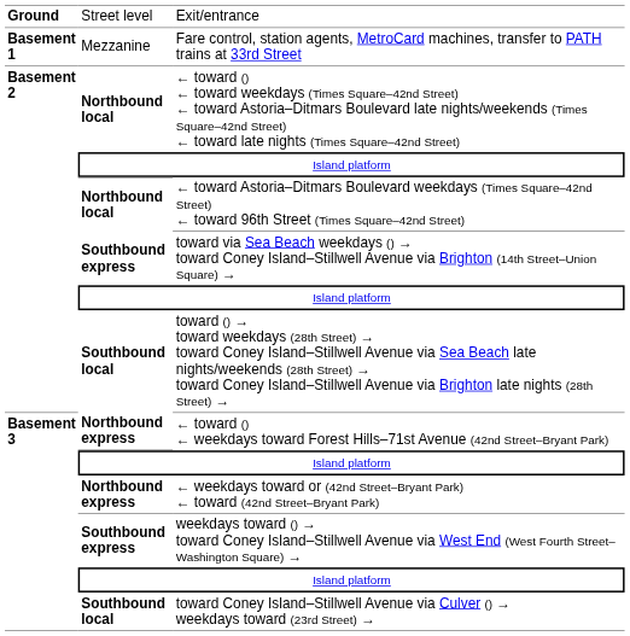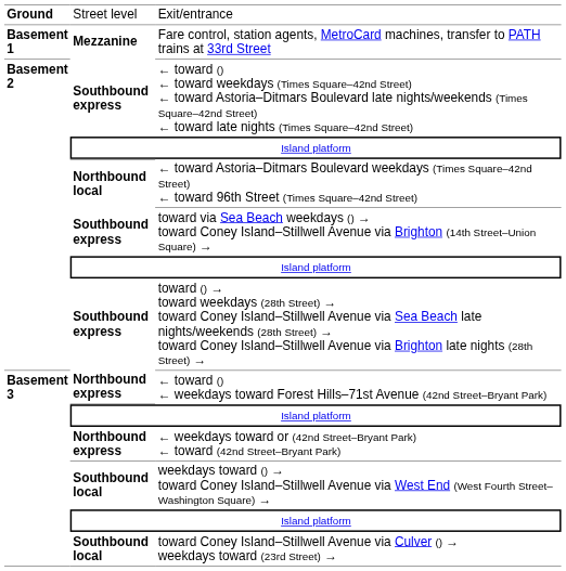 <table border=0 cellspacing=0 cellpadding=3>
 <tr>
 <td style="border-top:solid 1px gray;" width=50><strong>Ground</strong></td>
 <td style="border-top:solid 1px gray;" width=100>Street level</td>
 <td style="border-top:solid 1px gray;" width=500>Exit/entrance</td>
 </tr>
 <tr>
 <td style="border-top:solid 1px gray;"><strong>Basement 1</strong></td>
-<td style="border-top:solid 1px gray;">Mezzanine</td>
+<td style="border-top:solid 1px gray;"><strong>Mezzanine</strong></td>
 <td style="border-top:solid 1px gray;">Fare control, station agents, <a href='#'>MetroCard</a> machines, transfer to <a href='#'>PATH</a> trains at <a href='#'>33rd Street</a><br></td>
 </tr>
 <tr>
 <td style="border-top:solid 1px gray;vertical-align:top;" rowspan=6><strong>Basement 2</strong></td>
-<td style="border-top:solid 1px gray;"><span><strong>Northbound local</strong></span></td>
+<td><span><strong>Southbound express</strong></span></td>
 <td style="border-top:solid 1px gray;">←  toward  <small>()</small><br>←  toward  weekdays <small>(Times Square–42nd Street)</small><br>←  toward Astoria–Ditmars Boulevard late nights/weekends <small>(Times Square–42nd Street)</small><br>←  toward  late nights <small>(Times Square–42nd Street)</small></td>
 </tr>
 <tr>
 <td style="border-top:solid 2px black;border-right:solid 2px black;border-left:solid 2px black;border-bottom:solid 2px black;text-align:center;" colspan=2><small><a href='#'>Island platform</a> </small></td>
 </tr>
 <tr>
 <td style="border-top:solid 1px gray;"><span><strong>Northbound local</strong></span></td>
 <td style="border-bottom:solid 1px gray;">←  toward Astoria–Ditmars Boulevard weekdays <small>(Times Square–42nd Street)</small><br>←  toward 96th Street <small>(Times Square–42nd Street)</small></td>
 </tr>
 <tr>
 <td><span><strong>Southbound express</strong></span></td>
 <td>  toward  via <a href='#'>Sea Beach</a> weekdays <small>()</small> →<br>  toward Coney Island–Stillwell Avenue via <a href='#'>Brighton</a> <small>(14th Street–Union Square)</small> →</td>
 </tr>
 <tr>
 <td style="border-top:solid 2px black;border-right:solid 2px black;border-left:solid 2px black;border-bottom:solid 2px black;text-align:center;" colspan=2><small><a href='#'>Island platform</a> </small></td>
 </tr>
 <tr>
-<td><span><strong>Southbound local</strong></span></td>
+<td><span><strong>Southbound express</strong></span></td>
 <td>  toward  <small>()</small> →<br>  toward  weekdays <small>(28th Street)</small> →<br>  toward Coney Island–Stillwell Avenue via <a href='#'>Sea Beach</a> late nights/weekends <small>(28th Street)</small> →<br>  toward Coney Island–Stillwell Avenue via <a href='#'>Brighton</a> late nights <small>(28th Street)</small> →</td>
 </tr>
 <tr>
 <td style="border-top:solid 1px gray;border-bottom:solid 1px gray;vertical-align:top;" rowspan=6><strong>Basement 3</strong></td>
 <td style="border-bottom:solid 1px gray;"><span><strong>Northbound express</strong></span></td>
 <td style="border-bottom:solid 0px gray;border-top:solid 1px gray;">←  toward  <small>()</small><br>←  weekdays toward Forest Hills–71st Avenue <small>(42nd Street–Bryant Park)</small></td>
 </tr>
 <tr>
 <td style="border-top:solid 2px black;border-right:solid 2px black;border-left:solid 2px black;border-bottom:solid 2px black;text-align:center;" colspan=2><small><a href='#'>Island platform</a> </small></td>
 </tr>
 <tr>
 <td style="border-bottom:solid 1px gray;"><span><strong>Northbound express</strong></span></td>
 <td style="border-bottom:solid 1px gray;">←  weekdays toward  or  <small>(42nd Street–Bryant Park)</small><br>←  toward  <small>(42nd Street–Bryant Park)</small></td>
 </tr>
 <tr>
-<td><span><strong>Southbound express</strong></span></td>
+<td><span><strong>Southbound local</strong></span></td>
 <td>  weekdays toward  <small>()</small> →<br>  toward Coney Island–Stillwell Avenue via <a href='#'>West End</a> <small>(West Fourth Street–Washington Square)</small> →</td>
 </tr>
 <tr>
 <td style="border-top:solid 2px black;border-right:solid 2px black;border-left:solid 2px black;border-bottom:solid 2px black;text-align:center;" colspan=2><small><a href='#'>Island platform</a> </small></td>
 </tr>
 <tr>
 <td style="border-bottom:solid 1px gray;"><span><strong>Southbound local</strong></span></td>
 <td style="border-bottom:solid 1px gray;">  toward Coney Island–Stillwell Avenue via <a href='#'>Culver</a> <small>()</small> →<br>  weekdays toward  <small>(23rd Street)</small> →</td>
 </tr>
 </table>
